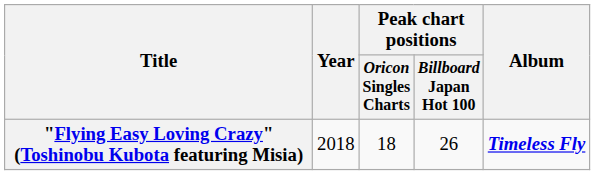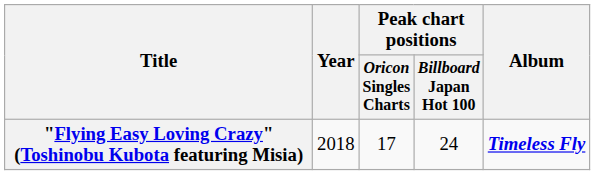 <table class="wikitable plainrowheaders" style="text-align:center;">
 <tr>
 <th scope="col" rowspan="2" style="width:16em;">Title</th>
 <th scope="col" rowspan="2">Year</th>
 <th scope="col" colspan="2">Peak chart positions</th>
 <th scope="col" rowspan="2">Album</th>
 </tr>
 <tr>
 <th style="width:3em;font-size:85%"><em>Oricon</em> Singles Charts<br></th>
 <th style="width:3em;font-size:85%"><em>Billboard</em> Japan Hot 100<br></th>
 </tr>
 <tr>
 <th scope="row">"<a href='#'>Flying Easy Loving Crazy</a>"<br><span>(<a href='#'>Toshinobu Kubota</a> featuring Misia)</span></th>
 <td rowspan="1">2018</td>
-<td>18</td>
-<td>26</td>
+<td>17</td>
+<td>24</td>
 <td rowspan=1><strong><em><a href='#'>Timeless Fly</a></em></strong></td>
 </tr>
 </table>
